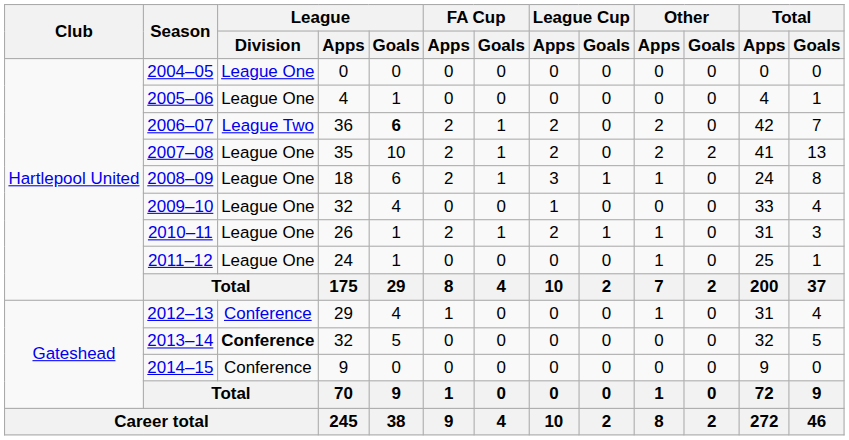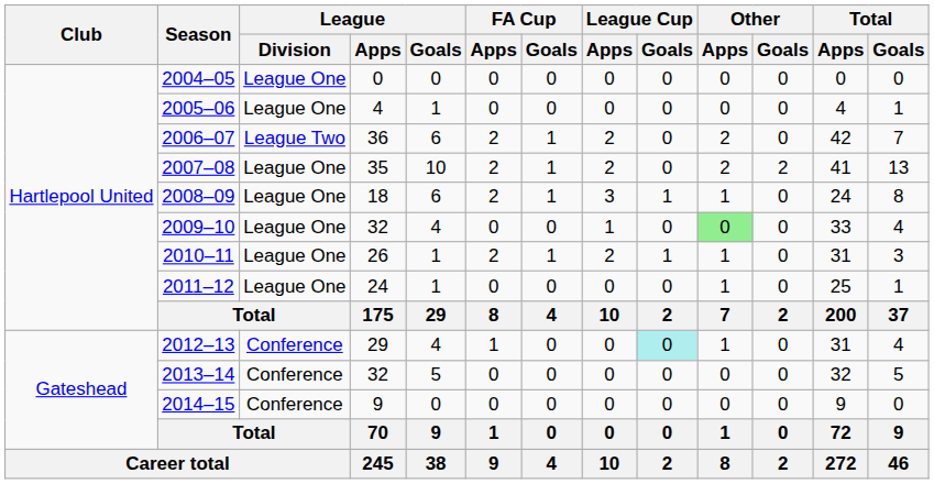 <table class="wikitable" style="text-align: center;">
 <tr>
 <th rowspan="2">Club</th>
 <th rowspan="2">Season</th>
 <th colspan="3">League</th>
 <th colspan="2">FA Cup</th>
 <th colspan="2">League Cup</th>
 <th colspan="2">Other</th>
 <th colspan="2">Total</th>
 </tr>
 <tr>
 <th>Division</th>
 <th>Apps</th>
 <th>Goals</th>
 <th>Apps</th>
 <th>Goals</th>
 <th>Apps</th>
 <th>Goals</th>
 <th>Apps</th>
 <th>Goals</th>
 <th>Apps</th>
 <th>Goals</th>
 </tr>
 <tr>
 <td rowspan="9"><a href='#'>Hartlepool United</a></td>
 <td><a href='#'>2004–05</a></td>
 <td><a href='#'>League One</a></td>
 <td>0</td>
 <td>0</td>
 <td>0</td>
 <td>0</td>
 <td>0</td>
 <td>0</td>
 <td>0</td>
 <td>0</td>
 <td>0</td>
 <td>0</td>
 </tr>
 <tr>
 <td><a href='#'>2005–06</a></td>
 <td>League One</td>
 <td>4</td>
 <td>1</td>
 <td>0</td>
 <td>0</td>
 <td>0</td>
 <td>0</td>
 <td>0</td>
 <td>0</td>
 <td>4</td>
 <td>1</td>
 </tr>
 <tr>
 <td><a href='#'>2006–07</a></td>
 <td><a href='#'>League Two</a></td>
 <td>36</td>
-<td><strong>6</strong></td>
+<td>6</td>
 <td>2</td>
 <td>1</td>
 <td>2</td>
 <td>0</td>
 <td>2</td>
 <td>0</td>
 <td>42</td>
 <td>7</td>
 </tr>
 <tr>
 <td><a href='#'>2007–08</a></td>
 <td>League One</td>
 <td>35</td>
 <td>10</td>
 <td>2</td>
 <td>1</td>
 <td>2</td>
 <td>0</td>
 <td>2</td>
 <td>2</td>
 <td>41</td>
 <td>13</td>
 </tr>
 <tr>
 <td><a href='#'>2008–09</a></td>
 <td>League One</td>
 <td>18</td>
 <td>6</td>
 <td>2</td>
 <td>1</td>
 <td>3</td>
 <td>1</td>
 <td>1</td>
 <td>0</td>
 <td>24</td>
 <td>8</td>
 </tr>
 <tr>
 <td><a href='#'>2009–10</a></td>
 <td>League One</td>
 <td>32</td>
 <td>4</td>
 <td>0</td>
 <td>0</td>
 <td>1</td>
 <td>0</td>
-<td>0</td>
+<td style="background: lightgreen;">0</td>
 <td>0</td>
 <td>33</td>
 <td>4</td>
 </tr>
 <tr>
 <td><a href='#'>2010–11</a></td>
 <td>League One</td>
 <td>26</td>
 <td>1</td>
 <td>2</td>
 <td>1</td>
 <td>2</td>
 <td>1</td>
 <td>1</td>
 <td>0</td>
 <td>31</td>
 <td>3</td>
 </tr>
 <tr>
 <td><a href='#'>2011–12</a></td>
 <td>League One</td>
 <td>24</td>
 <td>1</td>
 <td>0</td>
 <td>0</td>
 <td>0</td>
 <td>0</td>
 <td>1</td>
 <td>0</td>
 <td>25</td>
 <td>1</td>
 </tr>
 <tr>
 <th colspan="2">Total</th>
 <th>175</th>
 <th>29</th>
 <th>8</th>
 <th>4</th>
 <th>10</th>
 <th>2</th>
 <th>7</th>
 <th>2</th>
 <th>200</th>
 <th>37</th>
 </tr>
 <tr>
 <td rowspan="4"><a href='#'>Gateshead</a></td>
 <td><a href='#'>2012–13</a></td>
 <td><a href='#'>Conference</a></td>
 <td>29</td>
 <td>4</td>
 <td>1</td>
 <td>0</td>
 <td>0</td>
-<td>0</td>
+<td style="background: paleturquoise;">0</td>
 <td>1</td>
 <td>0</td>
 <td>31</td>
 <td>4</td>
 </tr>
 <tr>
 <td><a href='#'>2013–14</a></td>
-<td><strong>Conference</strong></td>
+<td>Conference</td>
 <td>32</td>
 <td>5</td>
 <td>0</td>
 <td>0</td>
 <td>0</td>
 <td>0</td>
 <td>0</td>
 <td>0</td>
 <td>32</td>
 <td>5</td>
 </tr>
 <tr>
 <td><a href='#'>2014–15</a></td>
 <td>Conference</td>
 <td>9</td>
 <td>0</td>
 <td>0</td>
 <td>0</td>
 <td>0</td>
 <td>0</td>
 <td>0</td>
 <td>0</td>
 <td>9</td>
 <td>0</td>
 </tr>
 <tr>
 <th colspan="2">Total</th>
 <th>70</th>
 <th>9</th>
 <th>1</th>
 <th>0</th>
 <th>0</th>
 <th>0</th>
 <th>1</th>
 <th>0</th>
 <th>72</th>
 <th>9</th>
 </tr>
 <tr>
 <th colspan="3">Career total</th>
 <th>245</th>
 <th>38</th>
 <th>9</th>
 <th>4</th>
 <th>10</th>
 <th>2</th>
 <th>8</th>
 <th>2</th>
 <th>272</th>
 <th>46</th>
 </tr>
 </table>
